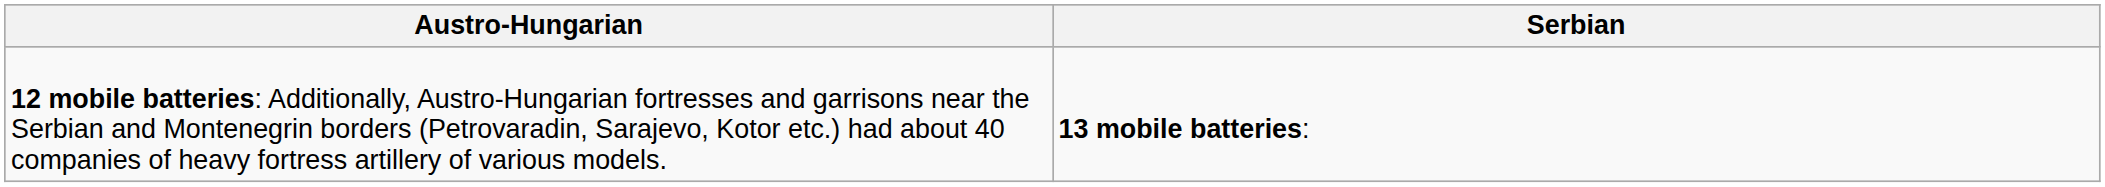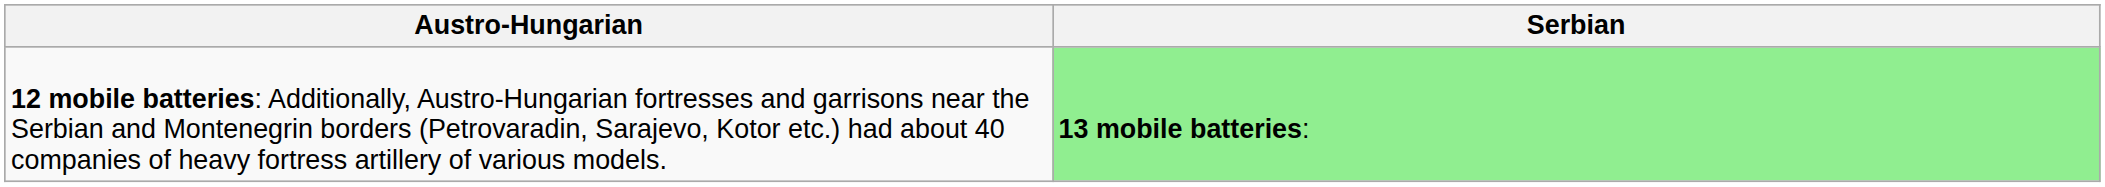 <table class="wikitable">
 <tr>
 <th width=50%>Austro-Hungarian</th>
 <th>Serbian</th>
 </tr>
 <tr>
 <td><br><strong>12 mobile batteries</strong>:  Additionally, Austro-Hungarian fortresses and garrisons near the Serbian and Montenegrin borders (Petrovaradin, Sarajevo, Kotor etc.) had about 40 companies of heavy fortress artillery of various models.</td>
-<td><br><strong>13 mobile batteries</strong>: </td>
+<td style="background: lightgreen;"><br><strong>13 mobile batteries</strong>: </td>
 </tr>
 </table>
